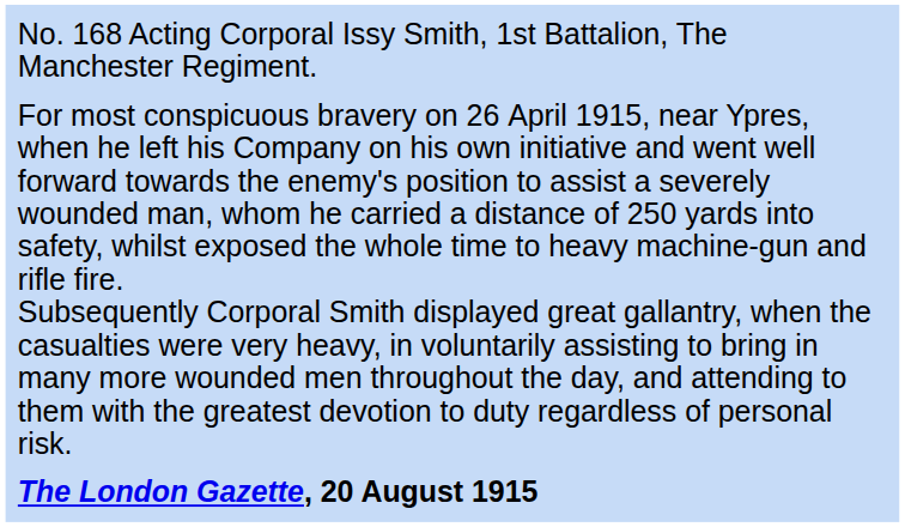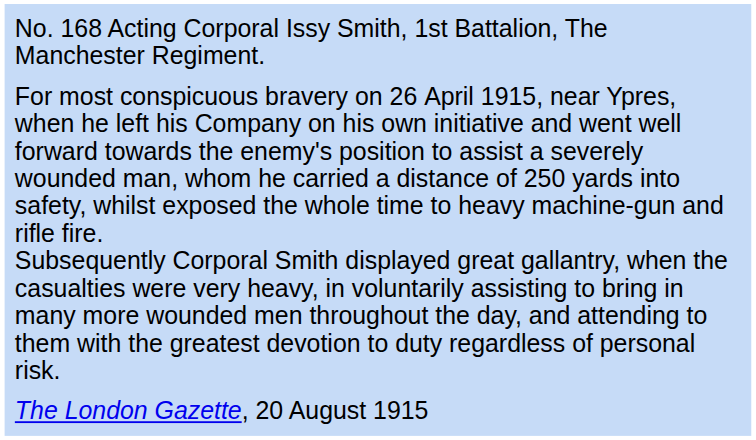 <table class="toccolours" style="float: left; margin-left: 1em; margin-right: 2em; font-size: 85%; background:#c6dbf7; color:black; width:30em; max-width: 40%;" cellspacing="5">
 <tr>
 <td style="text-align: left;">No. 168 Acting Corporal Issy Smith, 1st Battalion, The Manchester Regiment.</td>
 </tr>
 <tr>
 <td style="text-align: left;">For most conspicuous bravery on 26 April 1915, near Ypres, when he left his Company on his own initiative and went well forward towards the enemy's position to assist a severely wounded man, whom he carried a distance of 250 yards into safety, whilst exposed the whole time to heavy machine-gun and rifle fire.<br>Subsequently Corporal Smith displayed great gallantry, when the casualties were very heavy, in voluntarily assisting to bring in many more wounded men throughout the day, and attending to them with the greatest devotion to duty regardless of personal risk.</td>
 </tr>
 <tr>
-<td style="text-align: left;"><strong><em><a href='#'>The London Gazette</a></em>, 20 August 1915</strong></td>
+<td style="text-align: left;"><em><a href='#'>The London Gazette</a></em>, 20 August 1915</td>
 </tr>
 </table>
